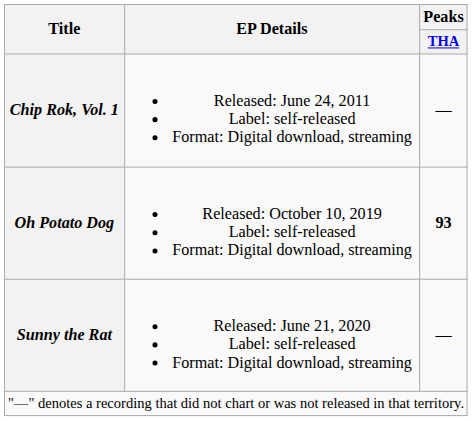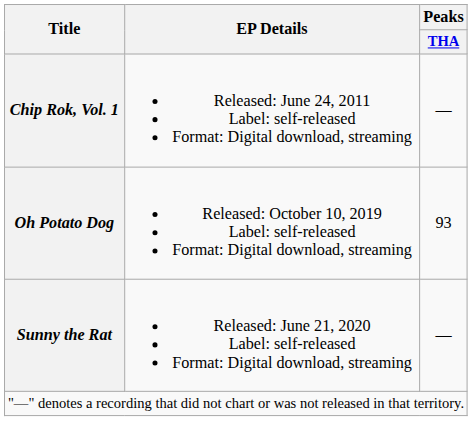 <table class="wikitable plainrowheaders" style="text-align:center;">
 <tr>
 <th scope="col" rowspan="2">Title</th>
 <th scope="col" rowspan="2">EP Details</th>
 <th scope="col" colspan="2">Peaks</th>
 </tr>
 <tr>
 <th scope="col" style="width:2.5em;font-size:90%;"><a href='#'>THA</a><br></th>
 </tr>
 <tr>
 <th scope="row"><em>Chip Rok, Vol. 1</em></th>
 <td><br><ul><li>Released: June 24, 2011</li><li>Label: self-released</li><li>Format: Digital download, streaming</li></ul></td>
 <td>—</td>
 </tr>
 <tr>
 <th scope="row"><em>Oh Potato Dog</em></th>
 <td><br><ul><li>Released: October 10, 2019</li><li>Label: self-released</li><li>Format: Digital download, streaming</li></ul></td>
-<td><strong>93<br></strong></td>
+<td>93<br></td>
 </tr>
 <tr>
 <th scope="row"><em>Sunny the Rat</em></th>
 <td><br><ul><li>Released: June 21, 2020</li><li>Label: self-released</li><li>Format: Digital download, streaming</li></ul></td>
 <td>—</td>
 </tr>
 <tr>
 <td colspan="14" style="font-size:90%">"—" denotes a recording that did not chart or was not released in that territory.</td>
 </tr>
 </table>
